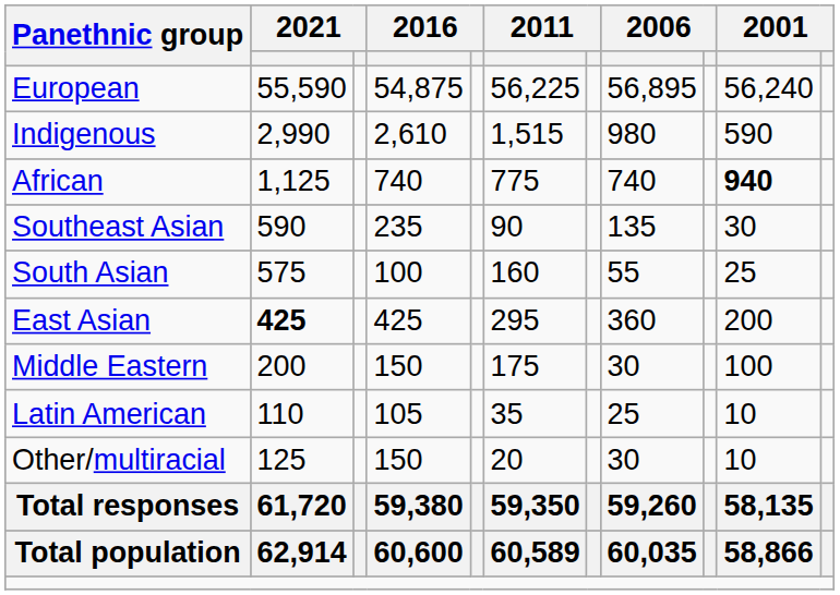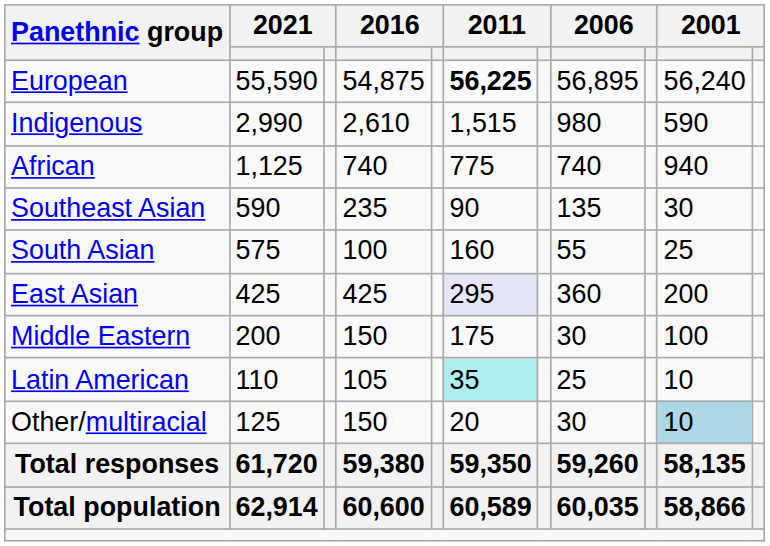 <table class="wikitable collapsible sortable">
 <tr>
 <th rowspan="2"><a href='#'>Panethnic</a> group</th>
 <th colspan="2">2021</th>
 <th colspan="2">2016</th>
 <th colspan="2">2011</th>
 <th colspan="2">2006</th>
 <th colspan="2">2001</th>
 </tr>
 <tr>
 <th><a href='#'></a></th>
 <th></th>
 <th></th>
 <th></th>
 <th></th>
 <th></th>
 <th></th>
 <th></th>
 <th></th>
 <th></th>
 </tr>
 <tr>
 <td><a href='#'>European</a></td>
 <td>55,590</td>
 <td></td>
 <td>54,875</td>
 <td></td>
-<td>56,225</td>
+<td><strong>56,225</strong></td>
 <td></td>
 <td>56,895</td>
 <td></td>
 <td>56,240</td>
 <td></td>
 </tr>
 <tr>
 <td><a href='#'>Indigenous</a></td>
 <td>2,990</td>
 <td></td>
 <td>2,610</td>
 <td></td>
 <td>1,515</td>
 <td></td>
 <td>980</td>
 <td></td>
 <td>590</td>
 <td></td>
 </tr>
 <tr>
 <td><a href='#'>African</a></td>
 <td>1,125</td>
 <td></td>
 <td>740</td>
 <td></td>
 <td>775</td>
 <td></td>
 <td>740</td>
 <td></td>
-<td><strong>940</strong></td>
+<td>940</td>
 <td></td>
 </tr>
 <tr>
 <td><a href='#'>Southeast Asian</a></td>
 <td>590</td>
 <td></td>
 <td>235</td>
 <td></td>
 <td>90</td>
 <td></td>
 <td>135</td>
 <td></td>
 <td>30</td>
 <td></td>
 </tr>
 <tr>
 <td><a href='#'>South Asian</a></td>
 <td>575</td>
 <td></td>
 <td>100</td>
 <td></td>
 <td>160</td>
 <td></td>
 <td>55</td>
 <td></td>
 <td>25</td>
 <td></td>
 </tr>
 <tr>
 <td><a href='#'>East Asian</a></td>
-<td><strong>425</strong></td>
+<td>425</td>
 <td></td>
 <td>425</td>
 <td></td>
-<td>295</td>
+<td style="background: lavender;">295</td>
 <td></td>
 <td>360</td>
 <td></td>
 <td>200</td>
 <td></td>
 </tr>
 <tr>
 <td><a href='#'>Middle Eastern</a></td>
 <td>200</td>
 <td></td>
 <td>150</td>
 <td></td>
 <td>175</td>
 <td></td>
 <td>30</td>
 <td></td>
 <td>100</td>
 <td></td>
 </tr>
 <tr>
 <td><a href='#'>Latin American</a></td>
 <td>110</td>
 <td></td>
 <td>105</td>
 <td></td>
-<td>35</td>
+<td style="background: paleturquoise;">35</td>
 <td></td>
 <td>25</td>
 <td></td>
 <td>10</td>
 <td></td>
 </tr>
 <tr>
 <td>Other/<a href='#'>multiracial</a></td>
 <td>125</td>
 <td></td>
 <td>150</td>
 <td></td>
 <td>20</td>
 <td></td>
 <td>30</td>
 <td></td>
-<td>10</td>
+<td style="background: lightblue;">10</td>
 <td></td>
 </tr>
 <tr>
 <th>Total responses</th>
 <th>61,720</th>
 <th></th>
 <th>59,380</th>
 <th></th>
 <th>59,350</th>
 <th></th>
 <th>59,260</th>
 <th></th>
 <th>58,135</th>
 <th></th>
 </tr>
 <tr class="sortbottom">
 <th>Total population</th>
 <th>62,914</th>
 <th></th>
 <th>60,600</th>
 <th></th>
 <th>60,589</th>
 <th></th>
 <th>60,035</th>
 <th></th>
 <th>58,866</th>
 <th></th>
 </tr>
 <tr class="sortbottom">
 <td colspan="11"></td>
 </tr>
 </table>
